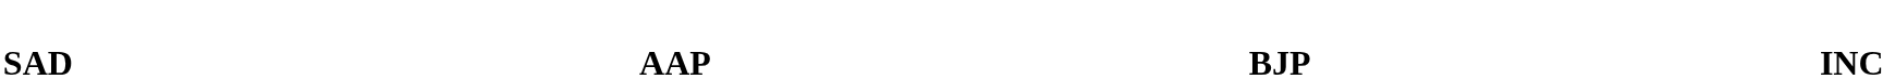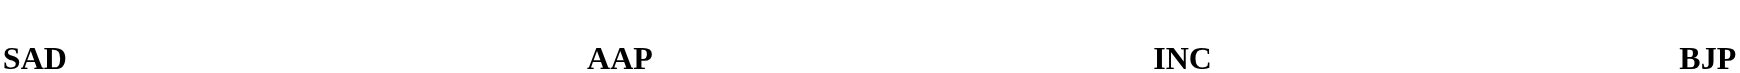 <table style="width:88%; text-align:center;">
 <tr style="color:white;">
 <td style="background-color: "><strong>4</strong></td>
 <td style="background-color: "><strong>4</strong></td>
+<td style="background-color: "><strong>3</strong></td>
 <td style="background-color: "><strong>2</strong></td>
-<td style="background-color: "><strong>3</strong></td>
 </tr>
 <tr>
 <td><strong>SAD</strong></td>
 <td><strong>AAP</strong></td>
+<td><strong>INC</strong></td>
 <td><strong>BJP</strong></td>
-<td><strong>INC</strong></td>
 </tr>
 </table>
